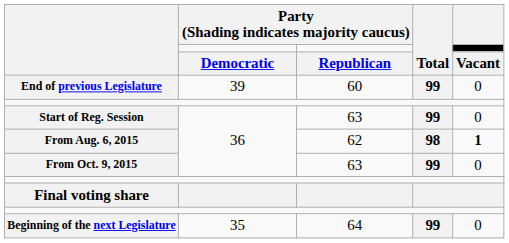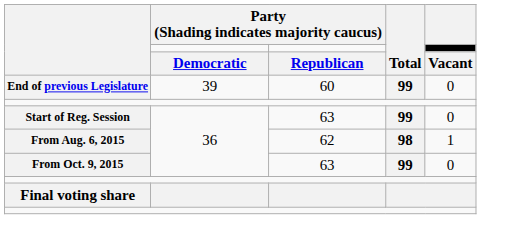 <table class=wikitable style="text-align:center">
 <tr style="vertical-align:bottom;">
 <th rowspan=3></th>
 <th colspan=2>Party <div>(Shading indicates majority caucus)</div></th>
 <th rowspan=3>Total</th>
 <th></th>
 </tr>
 <tr style="height:5px">
 <td style="background-color:"></td>
 <td style="background-color:"></td>
 <td style="background-color:black"></td>
 </tr>
 <tr>
 <th><a href='#'>Democratic</a></th>
 <th><a href='#'>Republican</a></th>
 <th>Vacant</th>
 </tr>
 <tr>
 <th nowrap style="font-size:80%">End of <a href='#'>previous Legislature</a></th>
 <td>39</td>
 <td>60</td>
 <th>99</th>
 <td>0</td>
 </tr>
 <tr>
 <td colspan=5></td>
 </tr>
 <tr>
 <th nowrap style="font-size:80%">Start of Reg. Session</th>
 <td rowspan="3">36</td>
 <td>63</td>
 <th>99</th>
 <td>0</td>
 </tr>
 <tr>
 <th nowrap style="font-size:80%">From Aug. 6, 2015</th>
 <td>62</td>
 <th>98</th>
-<td><strong>1</strong></td>
+<td>1</td>
 </tr>
 <tr>
 <th nowrap style="font-size:80%">From Oct. 9, 2015</th>
 <td>63</td>
 <th>99</th>
 <td>0</td>
 </tr>
 <tr>
 <td colspan=5></td>
 </tr>
 <tr>
 <th>Final voting share</th>
 <th></th>
 <th></th>
 <th colspan=2></th>
 </tr>
 <tr>
 <td colspan=5></td>
 </tr>
-<tr>
-<th style="white-space:nowrap; font-size:80%;">Beginning of the <a href='#'>next Legislature</a></th>
-<td>35</td>
-<td>64</td>
-<th>99</th>
-<td>0</td>
-</tr>
 </table>
